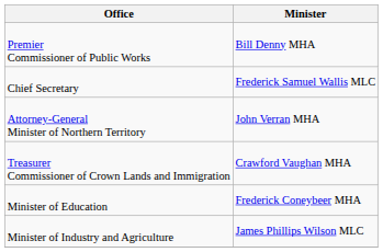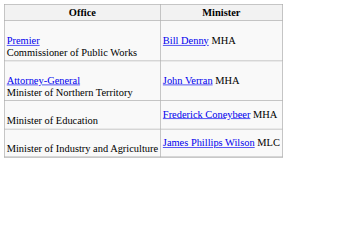 <table class="wikitable">
 <tr>
 <th>Office</th>
 <th>Minister</th>
 </tr>
 <tr>
 <td><br><a href='#'>Premier</a><br> Commissioner of Public Works</td>
 <td><a href='#'>Bill Denny</a> MHA</td>
 </tr>
 <tr>
-<td><br>Chief Secretary</td>
-<td><a href='#'>Frederick Samuel Wallis</a> MLC</td>
-</tr>
-<tr>
 <td><br><a href='#'>Attorney-General</a><br> Minister of Northern Territory <br></td>
 <td><a href='#'>John Verran</a> MHA</td>
-</tr>
-<tr>
-<td><br><a href='#'>Treasurer</a><br> Commissioner of Crown Lands and Immigration<br></td>
-<td><a href='#'>Crawford Vaughan</a> MHA</td>
 </tr>
 <tr>
 <td><br>Minister of Education<br></td>
 <td><a href='#'>Frederick Coneybeer</a> MHA</td>
 </tr>
 <tr>
 <td><br>Minister of Industry and Agriculture<br></td>
 <td><a href='#'>James Phillips Wilson</a> MLC</td>
 </tr>
 <tr>
 </tr>
 </table>
